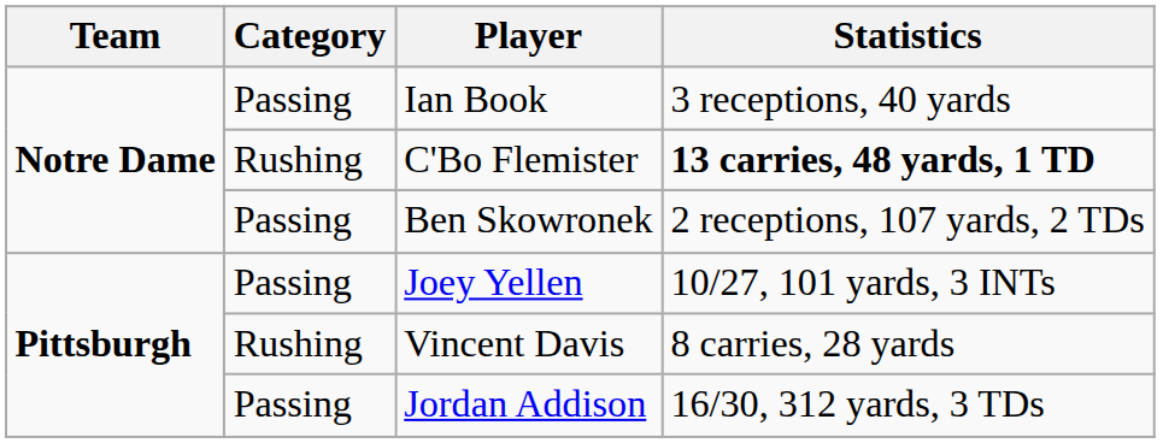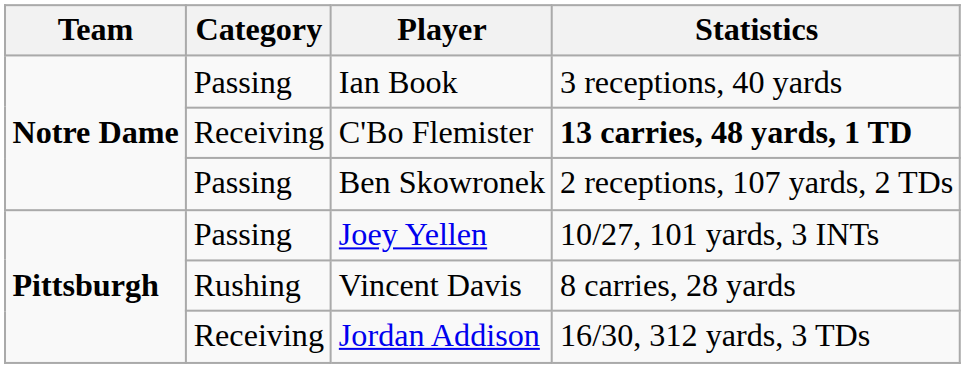 <table class="wikitable" style="float: left;">
 <tr>
 <th>Team</th>
 <th>Category</th>
 <th>Player</th>
 <th>Statistics</th>
 </tr>
 <tr>
 <td rowspan=3><strong>Notre Dame</strong></td>
 <td>Passing</td>
 <td>Ian Book</td>
 <td>3 receptions, 40 yards</td>
 </tr>
 <tr>
-<td>Rushing</td>
+<td>Receiving</td>
 <td>C'Bo Flemister</td>
 <td><strong>13 carries, 48 yards, 1 TD</strong></td>
 </tr>
 <tr>
 <td>Passing</td>
 <td>Ben Skowronek</td>
 <td>2 receptions, 107 yards, 2 TDs</td>
 </tr>
 <tr>
 <td rowspan=3><strong>Pittsburgh</strong></td>
 <td>Passing</td>
 <td><a href='#'>Joey Yellen</a></td>
 <td>10/27, 101 yards, 3 INTs</td>
 </tr>
 <tr>
 <td>Rushing</td>
 <td>Vincent Davis</td>
 <td>8 carries, 28 yards</td>
 </tr>
 <tr>
-<td>Passing</td>
+<td>Receiving</td>
 <td><a href='#'>Jordan Addison</a></td>
 <td>16/30, 312 yards, 3 TDs</td>
 </tr>
 </table>
